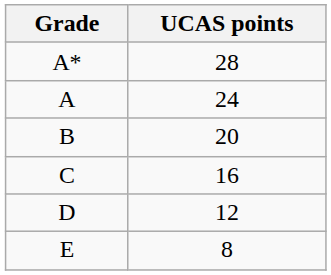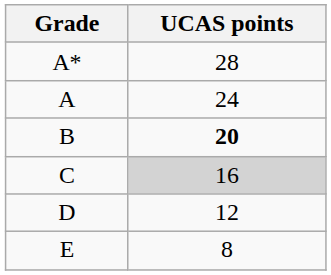 <table class="wikitable" border="1" style="text-align:center; margin-left:1em;">
 <tr>
 <th width="75">Grade</th>
 <th width="125">UCAS points</th>
 </tr>
 <tr>
 <td align="center">A*</td>
 <td>28</td>
 </tr>
 <tr>
 <td align="center">A</td>
 <td>24</td>
 </tr>
 <tr>
 <td align="center">B</td>
-<td>20</td>
+<td><strong>20</strong></td>
 </tr>
 <tr>
 <td align="center">C</td>
-<td>16</td>
+<td style="background: lightgrey;">16</td>
 </tr>
 <tr>
 <td align="center">D</td>
 <td>12</td>
 </tr>
 <tr>
 <td align="center">E</td>
 <td>8</td>
 </tr>
 </table>
